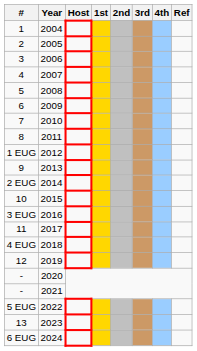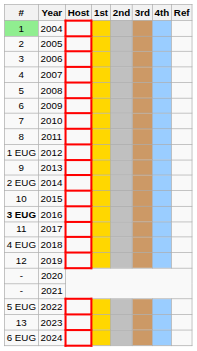 <table class="wikitable sortable" style="text-align:left; font-size:90%">
 <tr>
 <th>#</th>
 <th>Year</th>
 <th>Host</th>
 <th>1st</th>
 <th>2nd</th>
 <th>3rd</th>
 <th>4th</th>
 <th>Ref</th>
 </tr>
 <tr>
-<td align="center">1</td>
+<td align="center" style="background: lightgreen;">1</td>
 <td align="center">2004</td>
 <td style="border:3px solid red"></td>
 <td bgcolor=gold></td>
 <td bgcolor=silver></td>
 <td bgcolor=cc9966></td>
 <td bgcolor=9acdff></td>
 <td align="center"></td>
 </tr>
 <tr>
 <td align="center">2</td>
 <td align="center">2005</td>
 <td style="border:3px solid red"></td>
 <td bgcolor=gold></td>
 <td bgcolor=silver></td>
 <td bgcolor=cc9966></td>
 <td bgcolor=9acdff></td>
 <td align="center"></td>
 </tr>
 <tr>
 <td align="center">3</td>
 <td align="center">2006</td>
 <td style="border:3px solid red"></td>
 <td bgcolor=gold></td>
 <td bgcolor=silver></td>
 <td bgcolor=cc9966></td>
 <td bgcolor=9acdff></td>
 <td align="center"></td>
 </tr>
 <tr>
 <td align="center">4</td>
 <td align="center">2007</td>
 <td style="border:3px solid red"></td>
 <td bgcolor=gold></td>
 <td bgcolor=silver></td>
 <td bgcolor=cc9966></td>
 <td bgcolor=9acdff></td>
 <td align="center"></td>
 </tr>
 <tr>
 <td align="center">5</td>
 <td align="center">2008</td>
 <td style="border:3px solid red"></td>
 <td bgcolor=gold></td>
 <td bgcolor=silver></td>
 <td bgcolor=cc9966></td>
 <td bgcolor=9acdff></td>
 <td align="center"></td>
 </tr>
 <tr>
 <td align="center">6</td>
 <td align="center">2009</td>
 <td style="border:3px solid red"></td>
 <td bgcolor=gold></td>
 <td bgcolor=silver></td>
 <td bgcolor=cc9966></td>
 <td bgcolor=9acdff></td>
 <td align="center"></td>
 </tr>
 <tr>
 <td align="center">7</td>
 <td align="center">2010</td>
 <td style="border:3px solid red"></td>
 <td bgcolor=gold></td>
 <td bgcolor=silver></td>
 <td bgcolor=cc9966></td>
 <td bgcolor=9acdff></td>
 <td align="center"></td>
 </tr>
 <tr>
 <td align="center">8</td>
 <td align="center">2011</td>
 <td style="border:3px solid red"></td>
 <td bgcolor=gold></td>
 <td bgcolor=silver></td>
 <td bgcolor=cc9966></td>
 <td bgcolor=9acdff></td>
 <td align="center"></td>
 </tr>
 <tr>
 <td align="center">1 EUG</td>
 <td align="center">2012</td>
 <td style="border:3px solid red"></td>
 <td bgcolor=gold></td>
 <td bgcolor=silver></td>
 <td bgcolor=cc9966></td>
 <td bgcolor=9acdff></td>
 <td align="center"></td>
 </tr>
 <tr>
 <td align="center">9</td>
 <td align="center">2013</td>
 <td style="border:3px solid red"></td>
 <td bgcolor=gold></td>
 <td bgcolor=silver></td>
 <td bgcolor=cc9966></td>
 <td bgcolor=9acdff></td>
 <td align="center"></td>
 </tr>
 <tr>
 <td align="center">2 EUG</td>
 <td align="center">2014</td>
 <td style="border:3px solid red"></td>
 <td bgcolor=gold></td>
 <td bgcolor=silver></td>
 <td bgcolor=cc9966></td>
 <td bgcolor=9acdff></td>
 <td align="center"></td>
 </tr>
 <tr>
 <td align="center">10</td>
 <td align="center">2015</td>
 <td style="border:3px solid red"></td>
 <td bgcolor=gold></td>
 <td bgcolor=silver></td>
 <td bgcolor=cc9966></td>
 <td bgcolor=9acdff></td>
 <td align="center"></td>
 </tr>
 <tr>
-<td align="center">3 EUG</td>
+<td align="center"><strong>3 EUG</strong></td>
 <td align="center">2016</td>
 <td style="border:3px solid red"></td>
 <td bgcolor=gold></td>
 <td bgcolor=silver></td>
 <td bgcolor=cc9966></td>
 <td bgcolor=9acdff></td>
 <td align="center"></td>
 </tr>
 <tr>
 <td align="center">11</td>
 <td align="center">2017</td>
 <td style="border:3px solid red"></td>
 <td bgcolor=gold></td>
 <td bgcolor=silver></td>
 <td bgcolor=cc9966></td>
 <td bgcolor=9acdff></td>
 <td align="center"></td>
 </tr>
 <tr>
 <td align="center">4 EUG</td>
 <td align="center">2018</td>
 <td style="border:3px solid red"></td>
 <td bgcolor=gold></td>
 <td bgcolor=silver></td>
 <td bgcolor=cc9966></td>
 <td bgcolor=9acdff></td>
 <td align="center"></td>
 </tr>
 <tr>
 <td align="center">12</td>
 <td align="center">2019</td>
 <td style="border:3px solid red"></td>
 <td bgcolor=gold></td>
 <td bgcolor=silver></td>
 <td bgcolor=cc9966></td>
 <td bgcolor=9acdff></td>
 <td align="center"></td>
 </tr>
 <tr>
 <td align="center">-</td>
 <td align="center">2020</td>
 </tr>
 <tr>
 <td align="center">-</td>
 <td align="center">2021</td>
 </tr>
 <tr>
 <td align="center">5 EUG</td>
 <td align="center">2022</td>
 <td style="border:3px solid red"></td>
 <td bgcolor=gold></td>
 <td bgcolor=silver></td>
 <td bgcolor=cc9966></td>
 <td bgcolor=9acdff></td>
 <td align="center"></td>
 </tr>
 <tr>
 <td align="center">13</td>
 <td align="center">2023</td>
 <td style="border:3px solid red"></td>
 <td bgcolor=gold></td>
 <td bgcolor=silver></td>
 <td bgcolor=cc9966></td>
 <td bgcolor=9acdff></td>
 <td align="center"></td>
 </tr>
 <tr>
 <td align="center">6 EUG</td>
 <td align="center">2024</td>
 <td style="border:3px solid red"></td>
 <td bgcolor=gold></td>
 <td bgcolor=silver></td>
 <td bgcolor=cc9966></td>
 <td bgcolor=9acdff></td>
 <td align="center"></td>
 </tr>
 </table>
